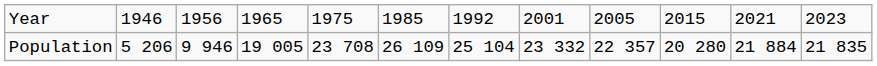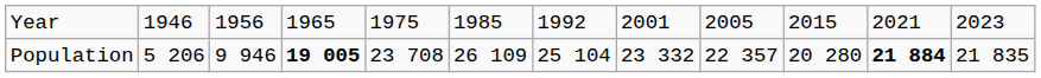 <table class="wikitable">
 <tr>
 <td>Year</td>
 <td>1946</td>
 <td>1956</td>
 <td>1965</td>
 <td>1975</td>
 <td>1985</td>
 <td>1992</td>
 <td>2001</td>
 <td>2005</td>
 <td>2015</td>
 <td>2021</td>
 <td>2023</td>
 </tr>
 <tr>
 <td>Population</td>
 <td>5 206</td>
 <td>9 946</td>
-<td>19 005</td>
+<td><strong>19 005</strong></td>
 <td>23 708</td>
 <td>26 109</td>
 <td>25 104</td>
 <td>23 332</td>
 <td>22 357</td>
 <td>20 280</td>
-<td>21 884</td>
+<td><strong>21 884</strong></td>
 <td>21 835</td>
 </tr>
 </table>
